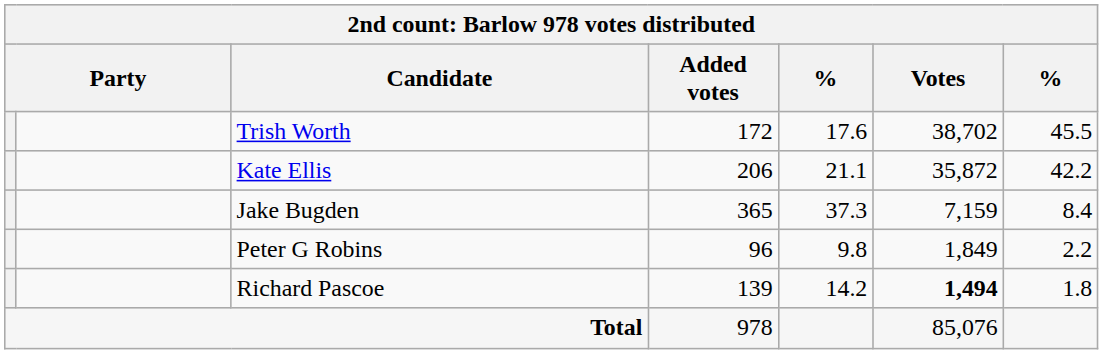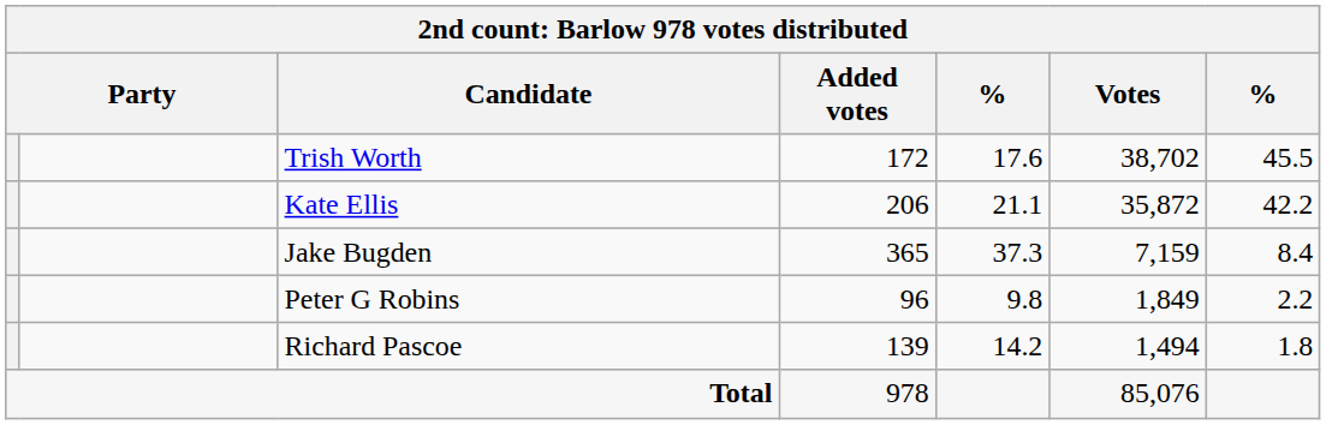 <table class="wikitable" style="font-size: 95%;">
 <tr style="background:#e9e9e9;">
 <th colspan=7>2nd count: Barlow 978 votes distributed</th>
 </tr>
 <tr style="background:#e9e9e9;">
 <th colspan=2 style="width: 130px">Party</th>
 <th style="width: 17em">Candidate</th>
 <th style="width: 5em">Added votes</th>
 <th style="width: 3.5em">%</th>
 <th style="width: 5em">Votes</th>
 <th style="width: 3.5em">%</th>
 </tr>
 <tr class="vcard">
 <th></th>
 <td class="org" style="width: 130px"></td>
 <td class="fn"><a href='#'>Trish Worth</a></td>
 <td style="text-align: right; margin-right: 0.5em">172</td>
 <td style="text-align: right; margin-right: 0.5em">17.6</td>
 <td style="text-align: right; margin-right: 0.5em">38,702</td>
 <td style="text-align: right; margin-right: 0.5em">45.5</td>
 </tr>
 <tr class="vcard">
 <th></th>
 <td class="org" style="width: 130px"></td>
 <td class="fn"><a href='#'>Kate Ellis</a></td>
 <td style="text-align: right; margin-right: 0.5em">206</td>
 <td style="text-align: right; margin-right: 0.5em">21.1</td>
 <td style="text-align: right; margin-right: 0.5em">35,872</td>
 <td style="text-align: right; margin-right: 0.5em">42.2</td>
 </tr>
 <tr class="vcard">
 <th></th>
 <td class="org" style="width: 130px"></td>
 <td class="fn">Jake Bugden</td>
 <td style="text-align: right; margin-right: 0.5em">365</td>
 <td style="text-align: right; margin-right: 0.5em">37.3</td>
 <td style="text-align: right; margin-right: 0.5em">7,159</td>
 <td style="text-align: right; margin-right: 0.5em">8.4</td>
 </tr>
 <tr class="vcard">
 <th></th>
 <td class="org" style="width: 130px"></td>
 <td class="fn">Peter G Robins</td>
 <td style="text-align: right; margin-right: 0.5em">96</td>
 <td style="text-align: right; margin-right: 0.5em">9.8</td>
 <td style="text-align: right; margin-right: 0.5em">1,849</td>
 <td style="text-align: right; margin-right: 0.5em">2.2</td>
 </tr>
 <tr class="vcard">
 <th></th>
 <td class="org" style="width: 130px"></td>
 <td class="fn">Richard Pascoe</td>
 <td style="text-align: right; margin-right: 0.5em">139</td>
 <td style="text-align: right; margin-right: 0.5em">14.2</td>
-<td style="text-align: right; margin-right: 0.5em"><strong>1,494</strong></td>
+<td style="text-align: right; margin-right: 0.5em">1,494</td>
 <td style="text-align: right; margin-right: 0.5em">1.8</td>
 </tr>
 <tr style="background:#f6f6f6; text-align:right;">
 <td colspan="3" style="margin-right: 0.5em"><strong>Total</strong></td>
 <td style="margin-right: 0.5em">978</td>
 <td style="margin-right: 0.5em"></td>
 <td style="margin-right: 0.5em">85,076</td>
 <td style="margin-right: 0.5em"></td>
 </tr>
 </table>
